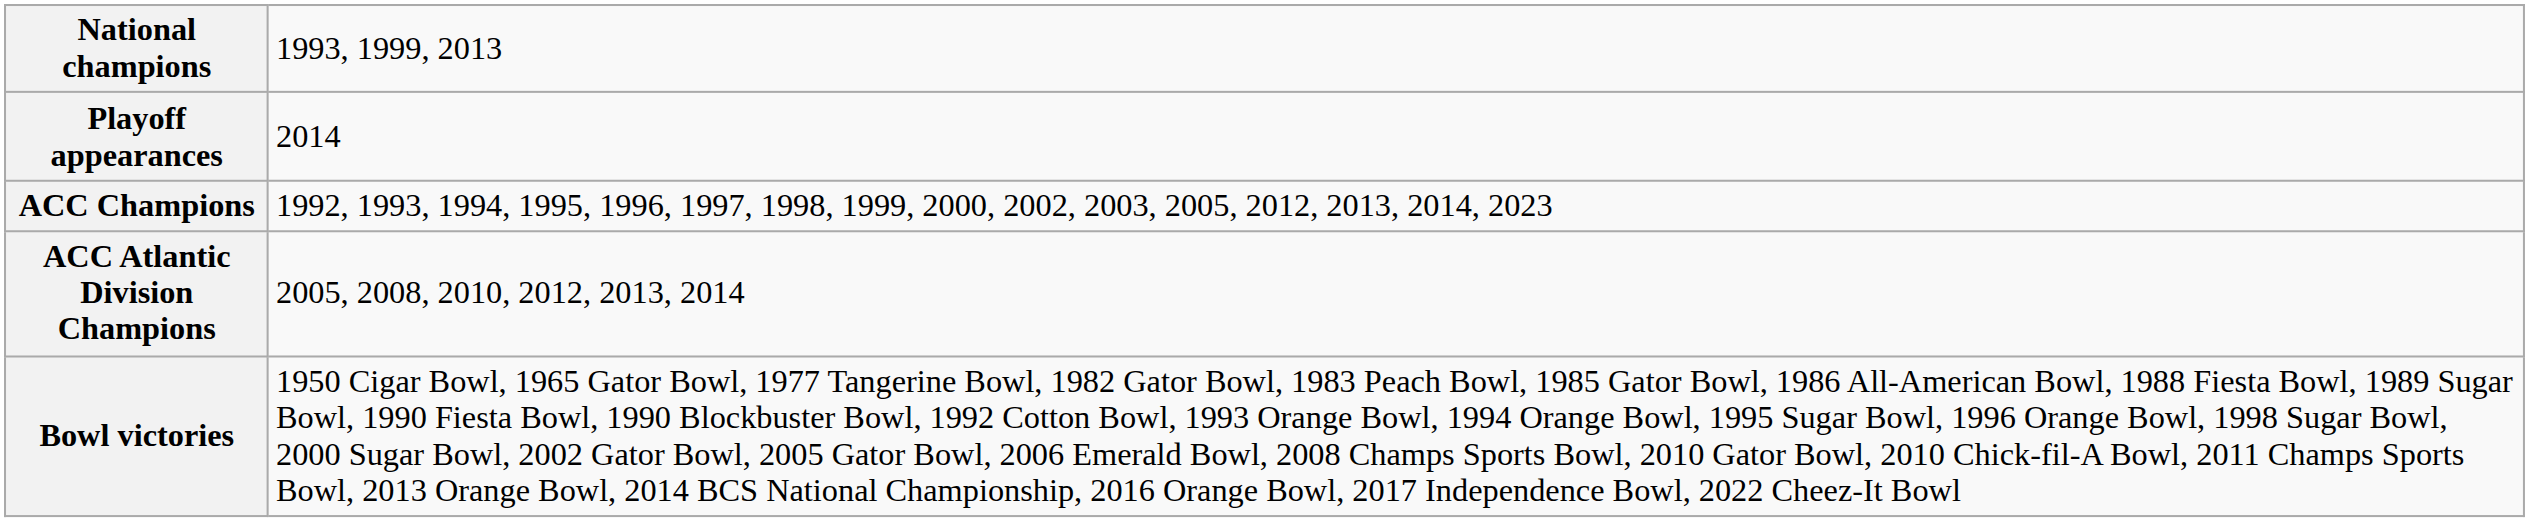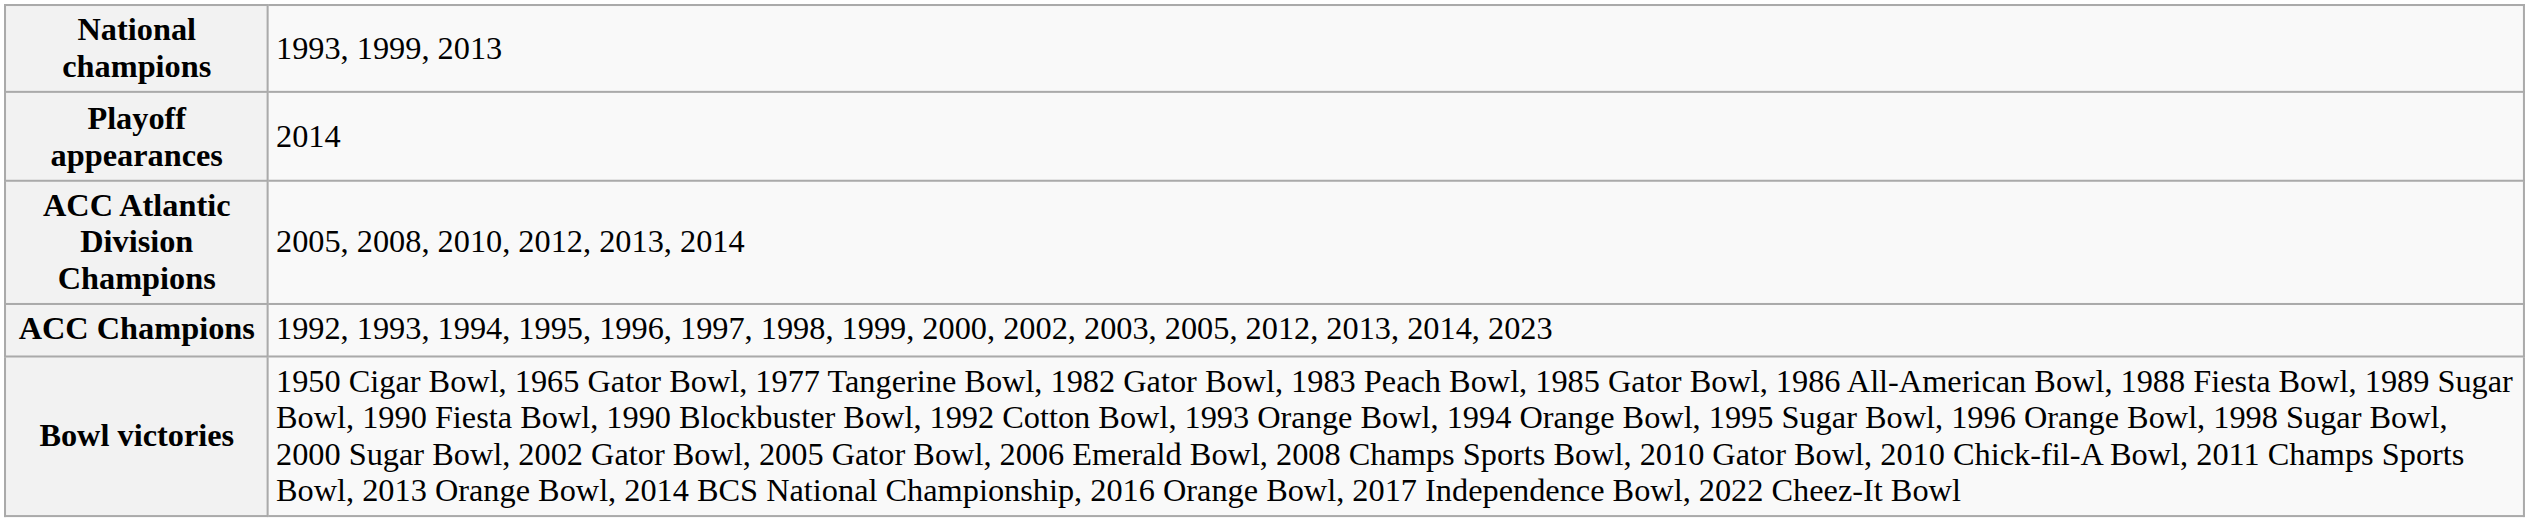 <table class="wikitable">
 <tr>
 <th>National champions</th>
 <td>1993, 1999, 2013</td>
 </tr>
 <tr>
 <th>Playoff appearances</th>
 <td>2014</td>
 </tr>
 <tr>
+<th>ACC Atlantic Division Champions</th>
+<td>2005, 2008, 2010, 2012, 2013, 2014</td>
+</tr>
+<tr>
 <th>ACC Champions</th>
 <td>1992, 1993, 1994, 1995, 1996, 1997, 1998, 1999, 2000, 2002, 2003, 2005, 2012, 2013, 2014, 2023</td>
-</tr>
-<tr>
-<th>ACC Atlantic Division Champions</th>
-<td>2005, 2008, 2010, 2012, 2013, 2014</td>
 </tr>
 <tr>
 <th>Bowl victories</th>
 <td>1950 Cigar Bowl, 1965 Gator Bowl, 1977 Tangerine Bowl, 1982 Gator Bowl, 1983 Peach Bowl, 1985 Gator Bowl, 1986 All-American Bowl, 1988 Fiesta Bowl, 1989 Sugar Bowl, 1990 Fiesta Bowl, 1990 Blockbuster Bowl, 1992 Cotton Bowl, 1993 Orange Bowl, 1994 Orange Bowl, 1995 Sugar Bowl, 1996 Orange Bowl, 1998 Sugar Bowl, 2000 Sugar Bowl, 2002 Gator Bowl, 2005 Gator Bowl, 2006 Emerald Bowl, 2008 Champs Sports Bowl, 2010 Gator Bowl, 2010 Chick-fil-A Bowl, 2011 Champs Sports Bowl, 2013 Orange Bowl, 2014 BCS National Championship, 2016 Orange Bowl, 2017 Independence Bowl, 2022 Cheez-It Bowl</td>
 </tr>
 </table>
